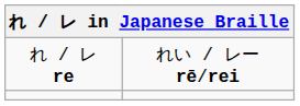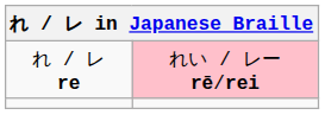 <table class="wikitable nowrap" style="text-align:center">
 <tr>
 <th colspan=2>れ / レ in <a href='#'>Japanese Braille</a></th>
 </tr>
 <tr>
 <td>れ / レ <br><strong>re</strong></td>
-<td>れい / レー <br><strong>rē</strong>/<strong>rei</strong></td>
+<td style="background: pink;">れい / レー <br><strong>rē</strong>/<strong>rei</strong></td>
 </tr>
 <tr>
 <td></td>
 <td></td>
 </tr>
 </table>
